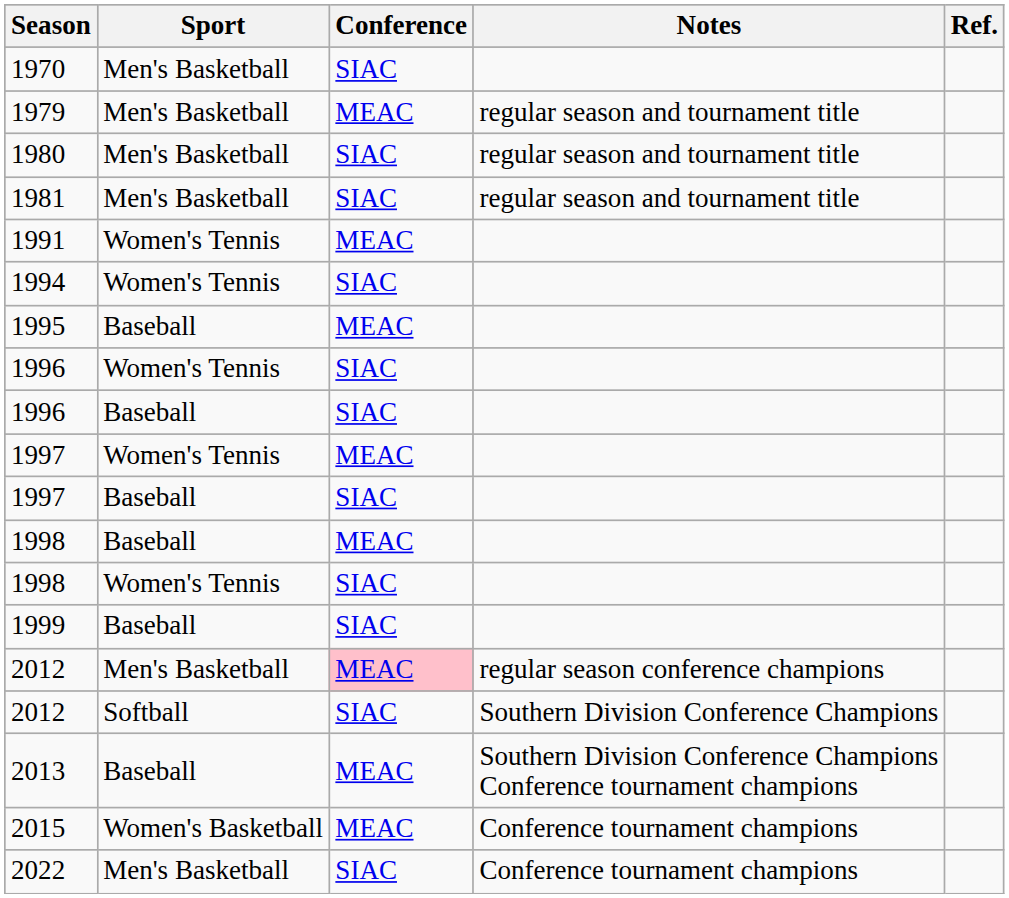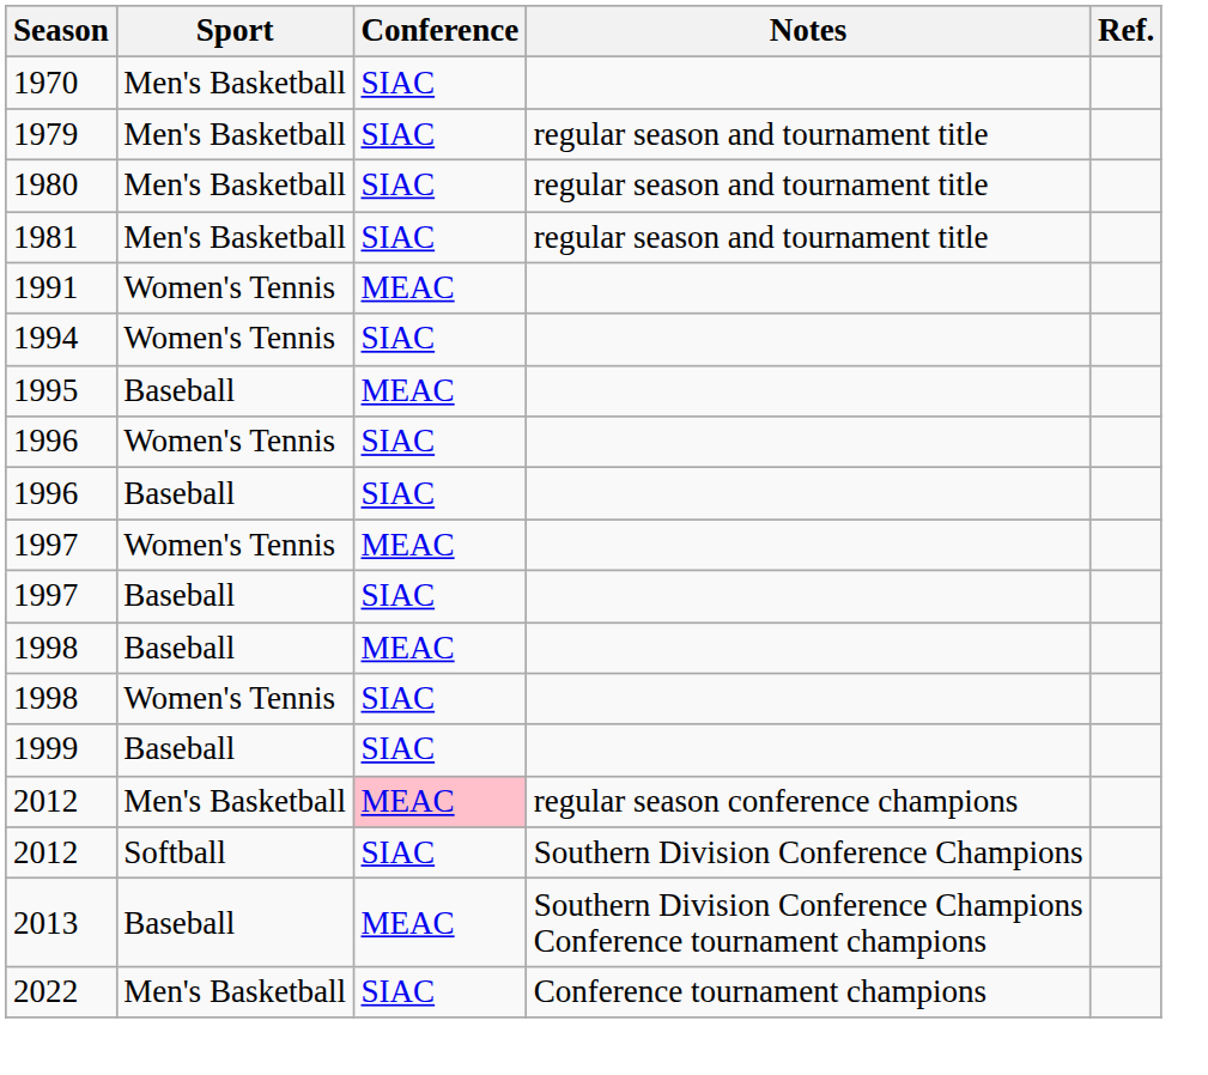 <table class="wikitable sortable">
 <tr>
 <th width=px>Season</th>
 <th width=px>Sport</th>
 <th width=px>Conference</th>
 <th width=px>Notes</th>
 <th width=px>Ref.</th>
 </tr>
 <tr>
 <td>1970</td>
 <td>Men's Basketball</td>
 <td><a href='#'>SIAC</a></td>
 <td></td>
 <td></td>
 </tr>
 <tr>
 <td>1979</td>
 <td>Men's Basketball</td>
-<td><a href='#'>MEAC</a></td>
+<td><a href='#'>SIAC</a></td>
 <td>regular season and tournament title</td>
 <td></td>
 </tr>
 <tr>
 <td>1980</td>
 <td>Men's Basketball</td>
 <td><a href='#'>SIAC</a></td>
 <td>regular season and tournament title</td>
 <td></td>
 </tr>
 <tr>
 <td>1981</td>
 <td>Men's Basketball</td>
 <td><a href='#'>SIAC</a></td>
 <td>regular season and tournament title</td>
 <td></td>
 </tr>
 <tr>
 <td>1991</td>
 <td>Women's Tennis</td>
 <td><a href='#'>MEAC</a></td>
 <td></td>
 <td></td>
 </tr>
 <tr>
 <td>1994</td>
 <td>Women's Tennis</td>
 <td><a href='#'>SIAC</a></td>
 <td></td>
 <td></td>
 </tr>
 <tr>
 <td>1995</td>
 <td>Baseball</td>
 <td><a href='#'>MEAC</a></td>
 <td></td>
 <td></td>
 </tr>
 <tr>
 <td>1996</td>
 <td>Women's Tennis</td>
 <td><a href='#'>SIAC</a></td>
 <td></td>
 <td></td>
 </tr>
 <tr>
 <td>1996</td>
 <td>Baseball</td>
 <td><a href='#'>SIAC</a></td>
 <td></td>
 <td></td>
 </tr>
 <tr>
 <td>1997</td>
 <td>Women's Tennis</td>
 <td><a href='#'>MEAC</a></td>
 <td></td>
 <td></td>
 </tr>
 <tr>
 <td>1997</td>
 <td>Baseball</td>
 <td><a href='#'>SIAC</a></td>
 <td></td>
 <td></td>
 </tr>
 <tr>
 <td>1998</td>
 <td>Baseball</td>
 <td><a href='#'>MEAC</a></td>
 <td></td>
 <td></td>
 </tr>
 <tr>
 <td>1998</td>
 <td>Women's Tennis</td>
 <td><a href='#'>SIAC</a></td>
 <td></td>
 <td></td>
 </tr>
 <tr>
 <td>1999</td>
 <td>Baseball</td>
 <td><a href='#'>SIAC</a></td>
 <td></td>
 <td></td>
 </tr>
 <tr>
 <td>2012</td>
 <td>Men's Basketball</td>
 <td style="background: pink;"><a href='#'>MEAC</a></td>
 <td>regular season conference champions</td>
 <td></td>
 </tr>
 <tr>
 <td>2012</td>
 <td>Softball</td>
 <td><a href='#'>SIAC</a></td>
 <td>Southern Division Conference Champions</td>
 <td></td>
 </tr>
 <tr>
 <td>2013</td>
 <td>Baseball</td>
 <td><a href='#'>MEAC</a></td>
 <td>Southern Division Conference Champions<br>Conference tournament champions</td>
 <td></td>
 </tr>
 <tr>
-<td>2015</td>
-<td>Women's Basketball</td>
-<td><a href='#'>MEAC</a></td>
-<td>Conference tournament champions</td>
-<td></td>
-</tr>
-<tr>
 <td>2022</td>
 <td>Men's Basketball</td>
 <td><a href='#'>SIAC</a></td>
 <td>Conference tournament champions</td>
 <td></td>
 </tr>
 </table>
